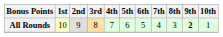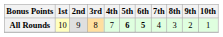 <table class="wikitable" style="font-size:85%; text-align:center">
 <tr>
 <th>Bonus Points</th>
 <th>1st</th>
 <th>2nd</th>
 <th>3rd</th>
 <th>4th</th>
 <th>5th</th>
 <th>6th</th>
 <th>7th</th>
 <th>8th</th>
 <th>9th</th>
 <th>10th</th>
 </tr>
 <tr>
 <th>All Rounds</th>
 <td style="background:#ffffbf;">10</td>
 <td style="background:#dfdfdf;">9</td>
 <td style="background:#ffdf9f;">8</td>
 <td style="background:#dfffdf;">7</td>
-<td style="background:#dfffdf;">6</td>
-<td style="background:#dfffdf;">5</td>
+<td style="background:#dfffdf;"><strong>6</strong></td>
+<td style="background:#dfffdf;"><strong>5</strong></td>
 <td style="background:#dfffdf;">4</td>
 <td style="background:#dfffdf;">3</td>
-<td style="background:#dfffdf;"><strong>2</strong></td>
+<td style="background:#dfffdf;">2</td>
 <td style="background:#dfffdf;">1</td>
 </tr>
 <tr>
 </tr>
 </table>
